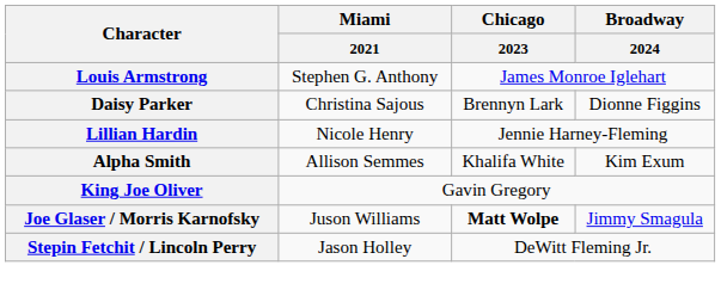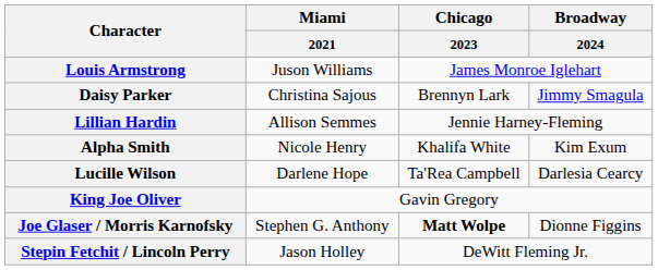 <table class="wikitable" style="width:50%; text-align:center">
 <tr>
 <th rowspan="2" scope="col">Character</th>
 <th>Miami</th>
 <th>Chicago</th>
 <th>Broadway</th>
 </tr>
 <tr>
 <th><small>2021</small></th>
 <th><small>2023</small></th>
 <th><small>2024</small></th>
 </tr>
 <tr>
 <th><a href='#'>Louis Armstrong</a></th>
-<td colspan="1">Stephen G. Anthony</td>
+<td colspan="1">Juson Williams</td>
 <td colspan="2"><a href='#'>James Monroe Iglehart</a></td>
 </tr>
 <tr>
 <th>Daisy Parker</th>
 <td colspan="1”">Christina Sajous</td>
 <td colspan="1">Brennyn Lark</td>
-<td>Dionne Figgins</td>
+<td><a href='#'>Jimmy Smagula</a></td>
 </tr>
 <tr>
 <th><a href='#'>Lillian Hardin</a></th>
-<td colspan="1">Nicole Henry</td>
+<td colspan="1”">Allison Semmes</td>
 <td colspan="2”">Jennie Harney-Fleming</td>
 </tr>
 <tr>
 <th>Alpha Smith</th>
-<td colspan="1”">Allison Semmes</td>
+<td colspan="1">Nicole Henry</td>
 <td colspan="1”">Khalifa White</td>
 <td>Kim Exum</td>
+</tr>
+<tr>
+<th>Lucille Wilson</th>
+<td colspan="1">Darlene Hope</td>
+<td colspan="1">Ta'Rea Campbell</td>
+<td>Darlesia Cearcy</td>
 </tr>
 <tr>
 <th><a href='#'>King Joe Oliver</a></th>
 <td colspan="3”">Gavin Gregory</td>
 </tr>
 <tr>
 <th><a href='#'>Joe Glaser</a> / Morris Karnofsky</th>
-<td colspan="1">Juson Williams</td>
+<td colspan="1">Stephen G. Anthony</td>
 <td colspan="1"><strong>Matt Wolpe</strong></td>
-<td><a href='#'>Jimmy Smagula</a></td>
+<td>Dionne Figgins</td>
 </tr>
 <tr>
 <th><a href='#'>Stepin Fetchit</a> / Lincoln Perry</th>
 <td colspan="1">Jason Holley</td>
 <td colspan="2">DeWitt Fleming Jr.</td>
 </tr>
 </table>
